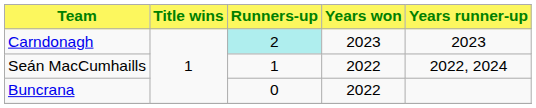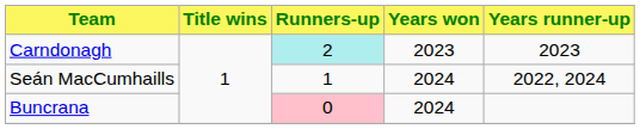 <table class="wikitable sortable" style="text-align:center;">
 <tr>
 <th style="background:#FCF75E;color:green;">Team</th>
 <th style="background:#FCF75E;color:green;">Title wins</th>
 <th style="background:#FCF75E;color:green;">Runners-up</th>
 <th style="background:#FCF75E;color:green;">Years won</th>
 <th style="background:#FCF75E;color:green;">Years runner-up</th>
 </tr>
 <tr>
 <td style="text-align:left;"><a href='#'>Carndonagh</a></td>
 <td rowspan="3">1</td>
 <td style="background: paleturquoise;">2</td>
 <td>2023</td>
 <td>2023</td>
 </tr>
 <tr>
 <td style="text-align:left;">Seán MacCumhaills</td>
 <td>1</td>
-<td>2022</td>
+<td>2024</td>
 <td>2022, 2024</td>
 </tr>
 <tr>
 <td style="text-align:left;"><a href='#'>Buncrana</a></td>
-<td>0</td>
-<td>2022</td>
+<td style="background: pink;">0</td>
+<td>2024</td>
 <td></td>
 </tr>
 <tr>
 </tr>
 </table>
